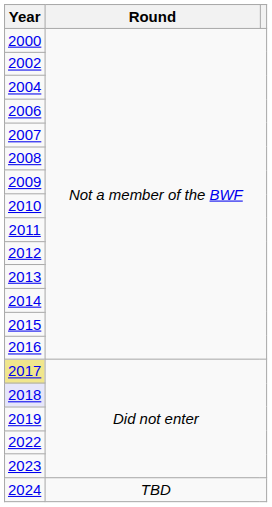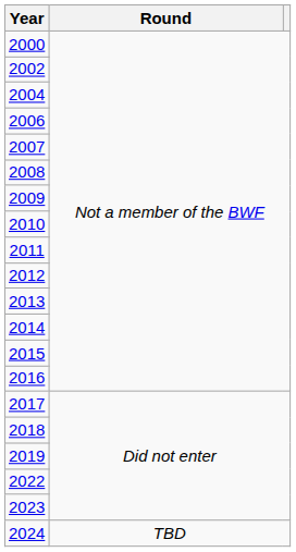 <table class="wikitable" style="text-align: center; font-size:90%">
 <tr>
 <th>Year</th>
 <th style="width:200px">Round</th>
 <th></th>
 </tr>
 <tr>
 <td><a href='#'>2000</a></td>
 <td colspan="2" rowspan="14"><em>Not a member of the <a href='#'>BWF</a></em></td>
 </tr>
 <tr>
 <td><a href='#'>2002</a></td>
 </tr>
 <tr>
 <td><a href='#'>2004</a></td>
 </tr>
 <tr>
 <td><a href='#'>2006</a></td>
 </tr>
 <tr>
 <td><a href='#'>2007</a></td>
 </tr>
 <tr>
 <td><a href='#'>2008</a></td>
 </tr>
 <tr>
 <td><a href='#'>2009</a></td>
 </tr>
 <tr>
 <td><a href='#'>2010</a></td>
 </tr>
 <tr>
 <td><a href='#'>2011</a></td>
 </tr>
 <tr>
 <td><a href='#'>2012</a></td>
 </tr>
 <tr>
 <td><a href='#'>2013</a></td>
 </tr>
 <tr>
 <td><a href='#'>2014</a></td>
 </tr>
 <tr>
 <td><a href='#'>2015</a></td>
 </tr>
 <tr>
 <td><a href='#'>2016</a></td>
 </tr>
 <tr>
-<td style="background: khaki;"><a href='#'>2017</a></td>
+<td><a href='#'>2017</a></td>
 <td colspan="2" rowspan="5"><em>Did not enter</em></td>
 </tr>
 <tr>
-<td style="background: lavender;"><a href='#'>2018</a></td>
+<td><a href='#'>2018</a></td>
 </tr>
 <tr>
 <td><a href='#'>2019</a></td>
 </tr>
 <tr>
 <td><a href='#'>2022</a></td>
 </tr>
 <tr>
 <td><a href='#'>2023</a></td>
 </tr>
 <tr>
 <td><a href='#'>2024</a></td>
 <td colspan="2"><em>TBD</em></td>
 </tr>
 </table>
